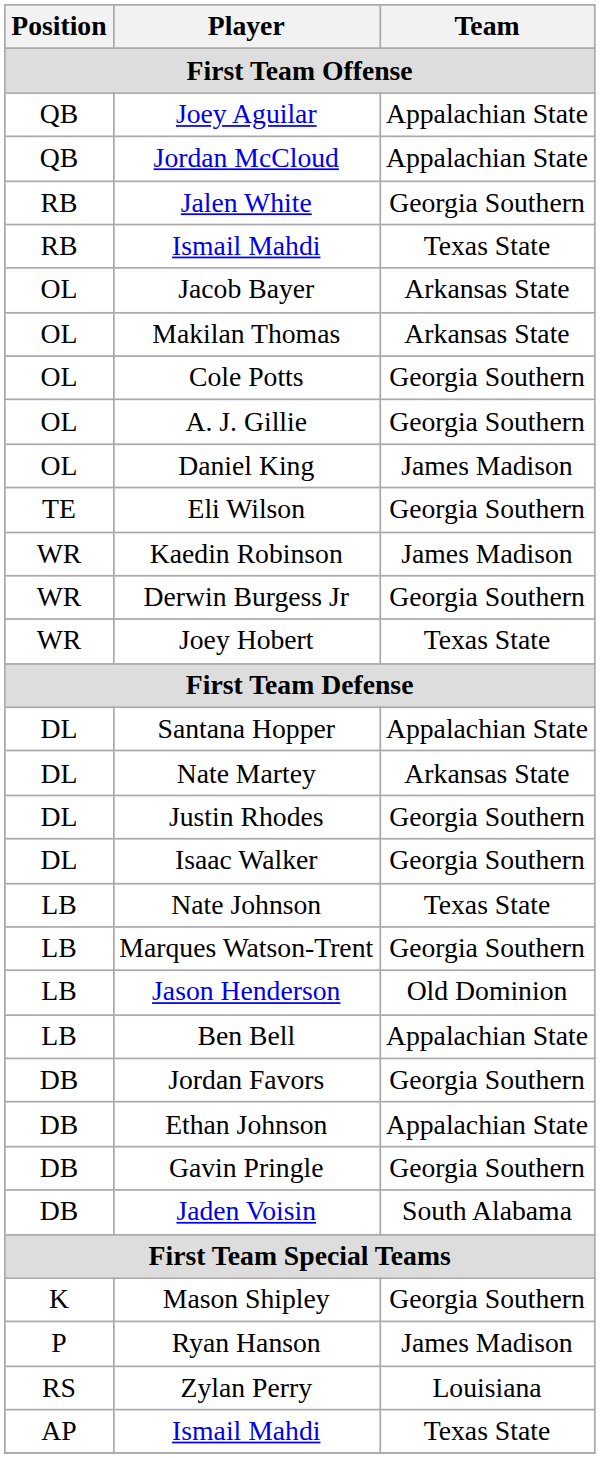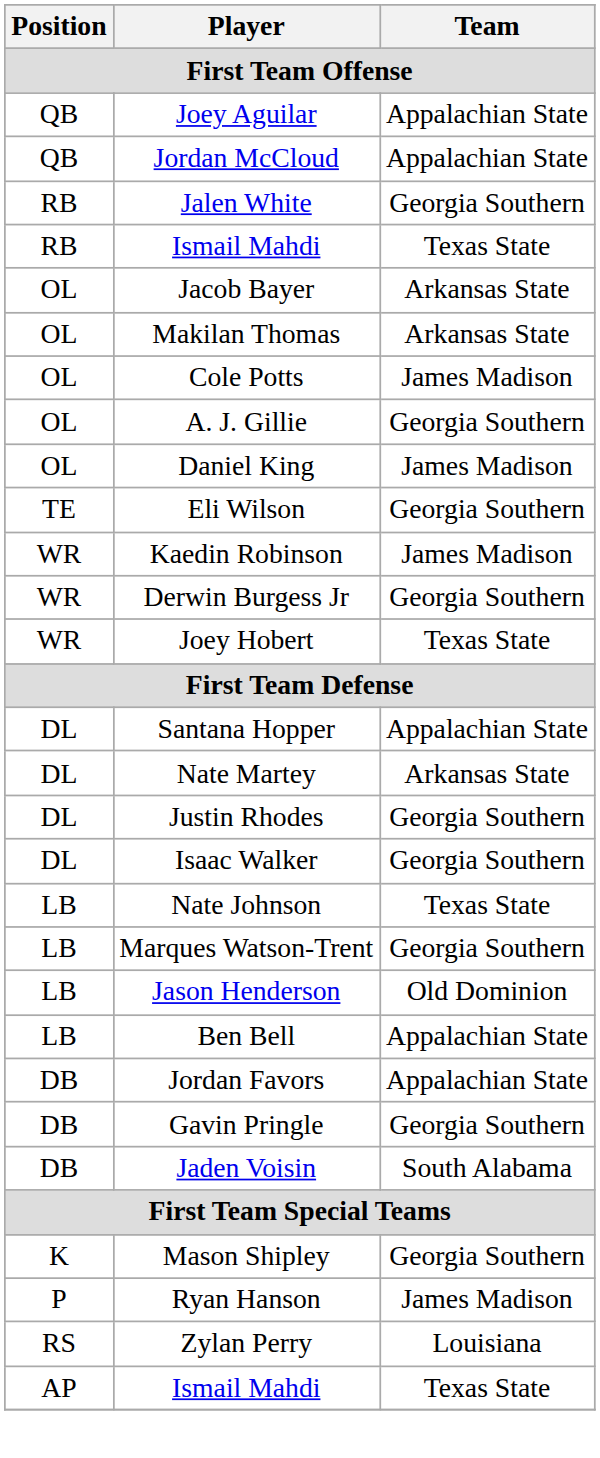 <table class="wikitable" border="0" style="text-align:center;">
 <tr>
 <th>Position</th>
 <th>Player</th>
 <th>Team</th>
 </tr>
 <tr>
 <td colspan="3" style="text-align:center; background:#ddd;"><strong>First Team Offense </strong></td>
 </tr>
 <tr>
 <td style="background:white">QB</td>
 <td style="background:white"><a href='#'>Joey Aguilar</a></td>
 <td style="background:white">Appalachian State</td>
 </tr>
 <tr>
 <td style="background:white">QB</td>
 <td style="background:white"><a href='#'>Jordan McCloud</a></td>
 <td style="background:white">Appalachian State</td>
 </tr>
 <tr>
 <td style="background:white">RB</td>
 <td style="background:white"><a href='#'>Jalen White</a></td>
 <td style="background:white">Georgia Southern</td>
 </tr>
 <tr>
 <td style="background:white">RB</td>
 <td style="background:white"><a href='#'>Ismail Mahdi</a></td>
 <td style="background:white">Texas State</td>
 </tr>
 <tr>
 <td style="background:white">OL</td>
 <td style="background:white">Jacob Bayer</td>
 <td style="background:white">Arkansas State</td>
 </tr>
 <tr>
 <td style="background:white">OL</td>
 <td style="background:white">Makilan Thomas</td>
 <td style="background:white">Arkansas State</td>
 </tr>
 <tr>
 <td style="background:white">OL</td>
 <td style="background:white">Cole Potts</td>
-<td style="background:white">Georgia Southern</td>
+<td style="background:white">James Madison</td>
 </tr>
 <tr>
 <td style="background:white">OL</td>
 <td style="background:white">A. J. Gillie</td>
 <td style="background:white">Georgia Southern</td>
 </tr>
 <tr>
 <td style="background:white">OL</td>
 <td style="background:white">Daniel King</td>
 <td style="background:white">James Madison</td>
 </tr>
 <tr>
 <td style="background:white">TE</td>
 <td style="background:white">Eli Wilson</td>
 <td style="background:white">Georgia Southern</td>
 </tr>
 <tr>
 <td style="background:white">WR</td>
 <td style="background:white">Kaedin Robinson</td>
 <td style="background:white">James Madison</td>
 </tr>
 <tr>
 <td style="background:white">WR</td>
 <td style="background:white">Derwin Burgess Jr</td>
 <td style="background:white">Georgia Southern</td>
 </tr>
 <tr>
 <td style="background:white">WR</td>
 <td style="background:white">Joey Hobert</td>
 <td style="background:white">Texas State</td>
 </tr>
 <tr>
 <td colspan="3" style="text-align:center; background:#ddd;"><strong>First Team Defense</strong></td>
 </tr>
 <tr>
 <td style="background:white">DL</td>
 <td style="background:white">Santana Hopper</td>
 <td style="background:white">Appalachian State</td>
 </tr>
 <tr>
 <td style="background:white">DL</td>
 <td style="background:white">Nate Martey</td>
 <td style="background:white">Arkansas State</td>
 </tr>
 <tr>
 <td style="background:white">DL</td>
 <td style="background:white">Justin Rhodes</td>
 <td style="background:white">Georgia Southern</td>
 </tr>
 <tr>
 <td style="background:white">DL</td>
 <td style="background:white">Isaac Walker</td>
 <td style="background:white">Georgia Southern</td>
 </tr>
 <tr>
 <td style="background:white">LB</td>
 <td style="background:white">Nate Johnson</td>
 <td style="background:white">Texas State</td>
 </tr>
 <tr>
 <td style="background:white">LB</td>
 <td style="background:white">Marques Watson-Trent</td>
 <td style="background:white">Georgia Southern</td>
 </tr>
 <tr>
 <td style="background:white">LB</td>
 <td style="background:white"><a href='#'>Jason Henderson</a></td>
 <td style="background:white">Old Dominion</td>
 </tr>
 <tr>
 <td style="background:white">LB</td>
 <td style="background:white">Ben Bell</td>
 <td style="background:white">Appalachian State</td>
 </tr>
 <tr>
 <td style="background:white">DB</td>
 <td style="background:white">Jordan Favors</td>
-<td style="background:white">Georgia Southern</td>
-</tr>
-<tr>
-<td style="background:white">DB</td>
-<td style="background:white">Ethan Johnson</td>
 <td style="background:white">Appalachian State</td>
 </tr>
 <tr>
 <td style="background:white">DB</td>
 <td style="background:white">Gavin Pringle</td>
 <td style="background:white">Georgia Southern</td>
 </tr>
 <tr>
 <td style="background:white">DB</td>
 <td style="background:white"><a href='#'>Jaden Voisin</a></td>
 <td style="background:white">South Alabama</td>
 </tr>
 <tr>
 <td colspan="3" style="text-align:center; background:#ddd;"><strong>First Team Special Teams</strong></td>
 </tr>
 <tr>
 <td style="background:white">K</td>
 <td style="background:white">Mason Shipley</td>
 <td style="background:white">Georgia Southern</td>
 </tr>
 <tr>
 <td style="background:white">P</td>
 <td style="background:white">Ryan Hanson</td>
 <td style="background:white">James Madison</td>
 </tr>
 <tr>
 <td style="background:white">RS</td>
 <td style="background:white">Zylan Perry</td>
 <td style="background:white">Louisiana</td>
 </tr>
 <tr>
 <td style="background:white">AP</td>
 <td style="background:white"><a href='#'>Ismail Mahdi</a></td>
 <td style="background:white">Texas State</td>
 </tr>
 <tr>
 </tr>
 </table>
